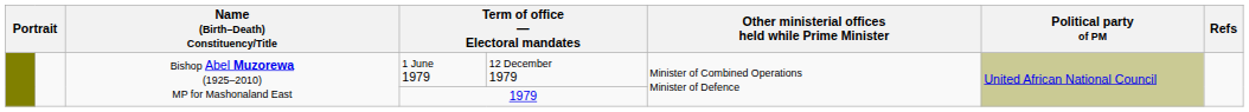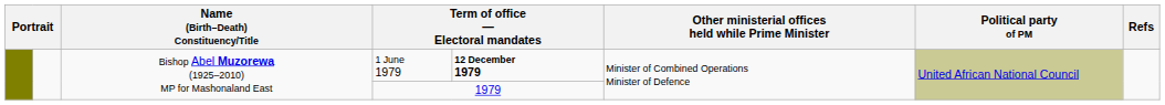 <table class="wikitable" width=100%>
 <tr>
 <th scope="col" colspan="2" width=40>Portrait</th>
 <th scope="col" width=27%>Name<br><small>(Birth–Death)<br>Constituency/Title</small></th>
 <th scope="col" colspan="2" width=20%>Term of office<br>—<br>Electoral mandates</th>
 <th scope="col" width=27%>Other ministerial offices<br>held while Prime Minister</th>
 <th scope="col" width=18%>Political party<br><small>of PM</small></th>
 <th scope="col">Refs</th>
 </tr>
 <tr>
 <td scope="row" rowspan="2" style="background-color: #808000"></td>
 <td rowspan="2"></td>
 <td rowspan="2" align="center"><small>Bishop</small> <a href='#'>Abel <strong>Muzorewa</strong></a><br><small>(1925–2010)<br>MP for Mashonaland East</small></td>
 <td><small>1 June</small><br>1979</td>
-<td><small>12 December</small><br>1979</td>
+<td><strong><small>12 December</small><br>1979</strong></td>
 <td rowspan="2"><small>Minister of Combined Operations<br>Minister of Defence</small></td>
 <td bgcolor=#CACA94 rowspan="2"><a href='#'>United African National Council</a></td>
 <td rowspan="2" align=center></td>
 </tr>
 <tr>
 <td colspan="2" align="center"><a href='#'>1979</a></td>
 </tr>
 </table>
